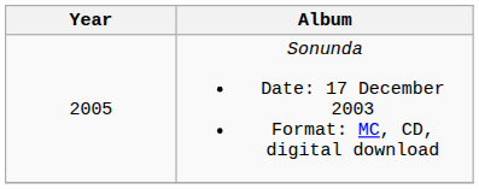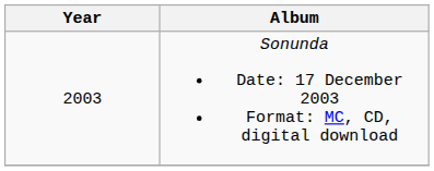 <table class="wikitable plainrowheaders" style="text-align:center;">
 <tr>
 <th scope="col" style="width:9em;">Year</th>
 <th scope="col" style="width:16em;">Album</th>
 </tr>
 <tr>
-<td>2005</td>
+<td>2003</td>
 <td><em>Sonunda</em><br><ul><li>Date: 17 December 2003</li><li>Format: <a href='#'>MC</a>, CD, digital download</li></ul></td>
 </tr>
 <tr>
 </tr>
 </table>
